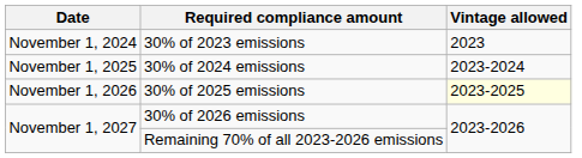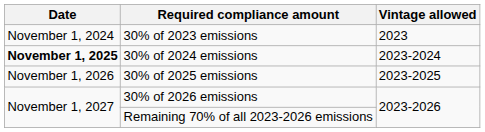 <table role="presentation" class="wikitable">
 <tr>
 <th>Date</th>
 <th>Required compliance amount</th>
 <th>Vintage allowed</th>
 </tr>
 <tr>
 <td>November 1, 2024</td>
 <td>30% of 2023 emissions</td>
 <td>2023</td>
 </tr>
 <tr>
-<td>November 1, 2025</td>
+<td><strong>November 1, 2025</strong></td>
 <td>30% of 2024 emissions</td>
 <td>2023-2024</td>
 </tr>
 <tr>
 <td>November 1, 2026</td>
 <td>30% of 2025 emissions</td>
-<td style="background: lightyellow;">2023-2025</td>
+<td>2023-2025</td>
 </tr>
 <tr>
 <td rowspan="2">November 1, 2027</td>
 <td>30% of 2026 emissions</td>
 <td rowspan="2">2023-2026</td>
 </tr>
 <tr>
 <td>Remaining 70% of all 2023-2026 emissions</td>
 </tr>
 </table>
